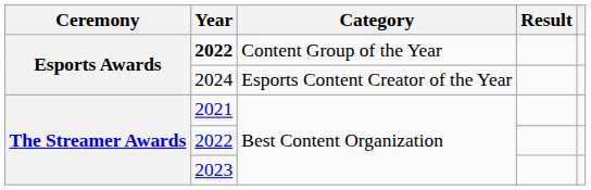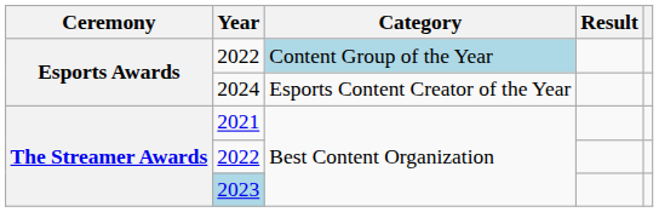 <table class="wikitable plainrowheaders sortable">
 <tr>
 <th scope="col">Ceremony</th>
 <th scope="col">Year</th>
 <th scope="col">Category</th>
 <th scope="col">Result</th>
 <th class="unsortable" scope="col"></th>
 </tr>
 <tr>
 <th rowspan="2" scope="row">Esports Awards</th>
-<td><strong>2022</strong></td>
-<td>Content Group of the Year</td>
+<td>2022</td>
+<td style="background: lightblue;">Content Group of the Year</td>
 <td></td>
 <td align="center"></td>
 </tr>
 <tr>
 <td>2024</td>
 <td>Esports Content Creator of the Year</td>
 <td></td>
 <td align="center"></td>
 </tr>
 <tr>
 <th rowspan="3" scope="row"><a href='#'>The Streamer Awards</a></th>
 <td><a href='#'>2021</a></td>
 <td rowspan="3">Best Content Organization</td>
 <td></td>
 <td align="center"></td>
 </tr>
 <tr>
 <td><a href='#'>2022</a></td>
 <td></td>
 <td align="center"></td>
 </tr>
 <tr>
-<td><a href='#'>2023</a></td>
+<td style="background: lightblue;"><a href='#'>2023</a></td>
 <td></td>
 <td align="center"></td>
 </tr>
 </table>
